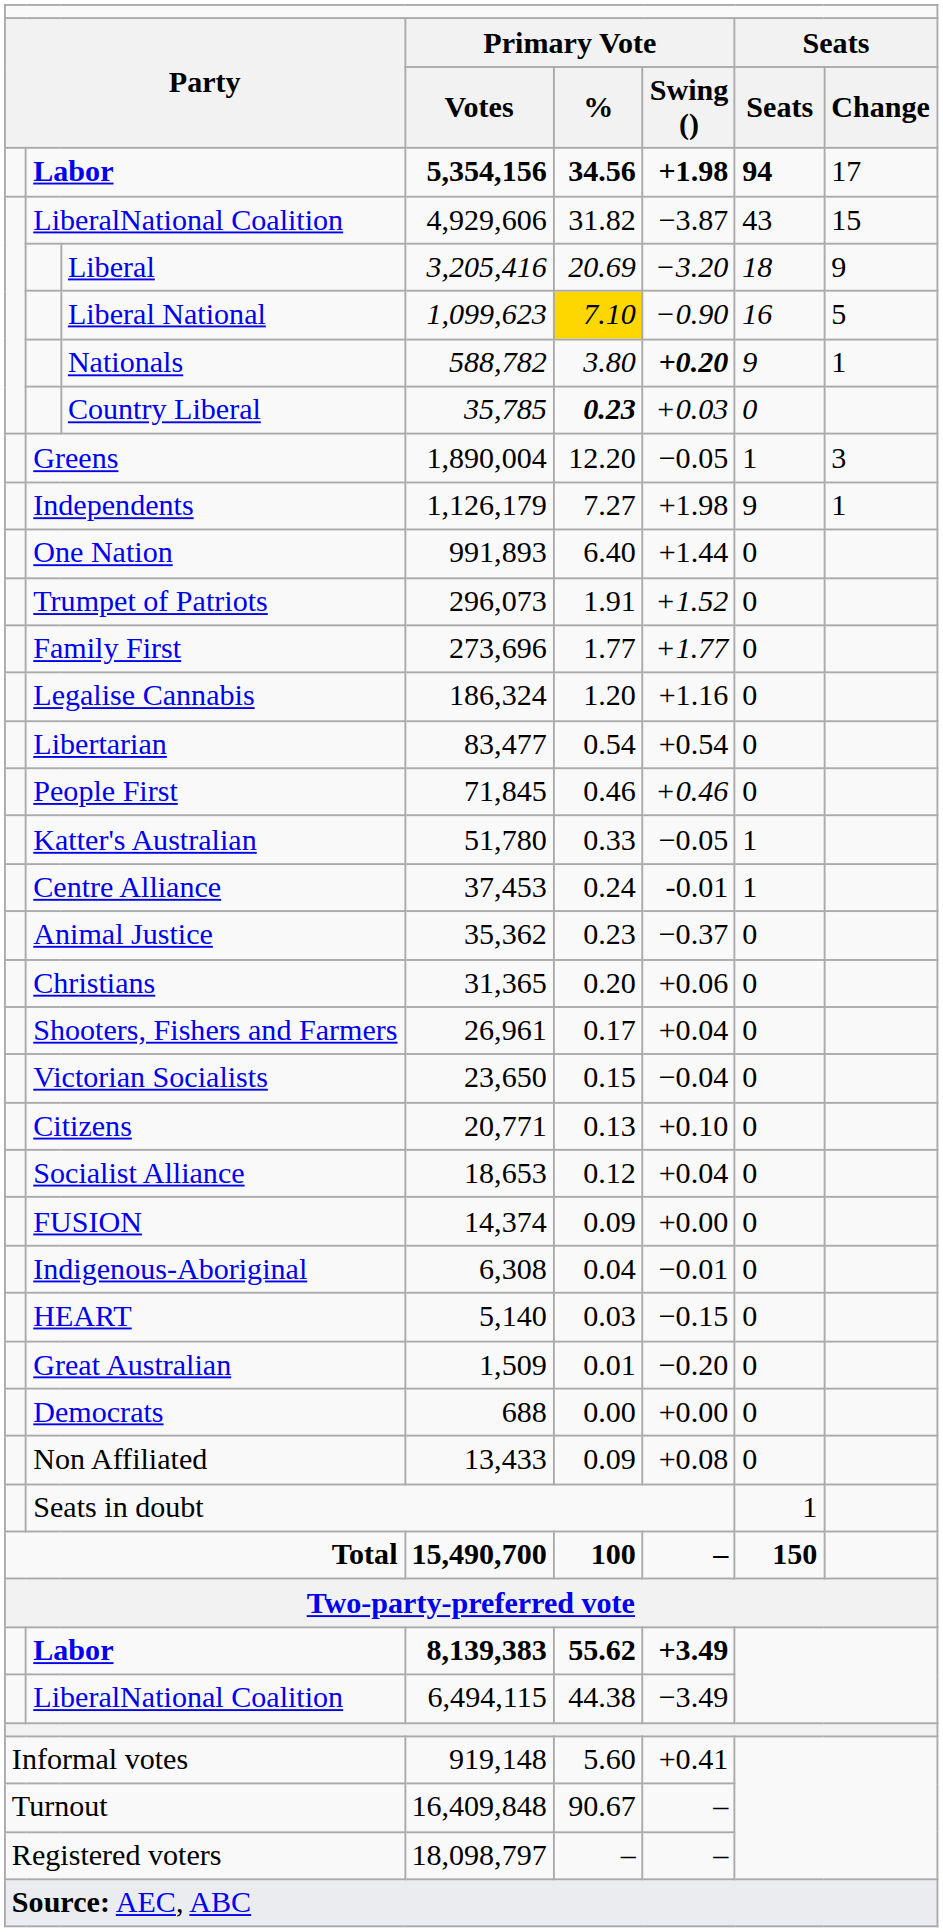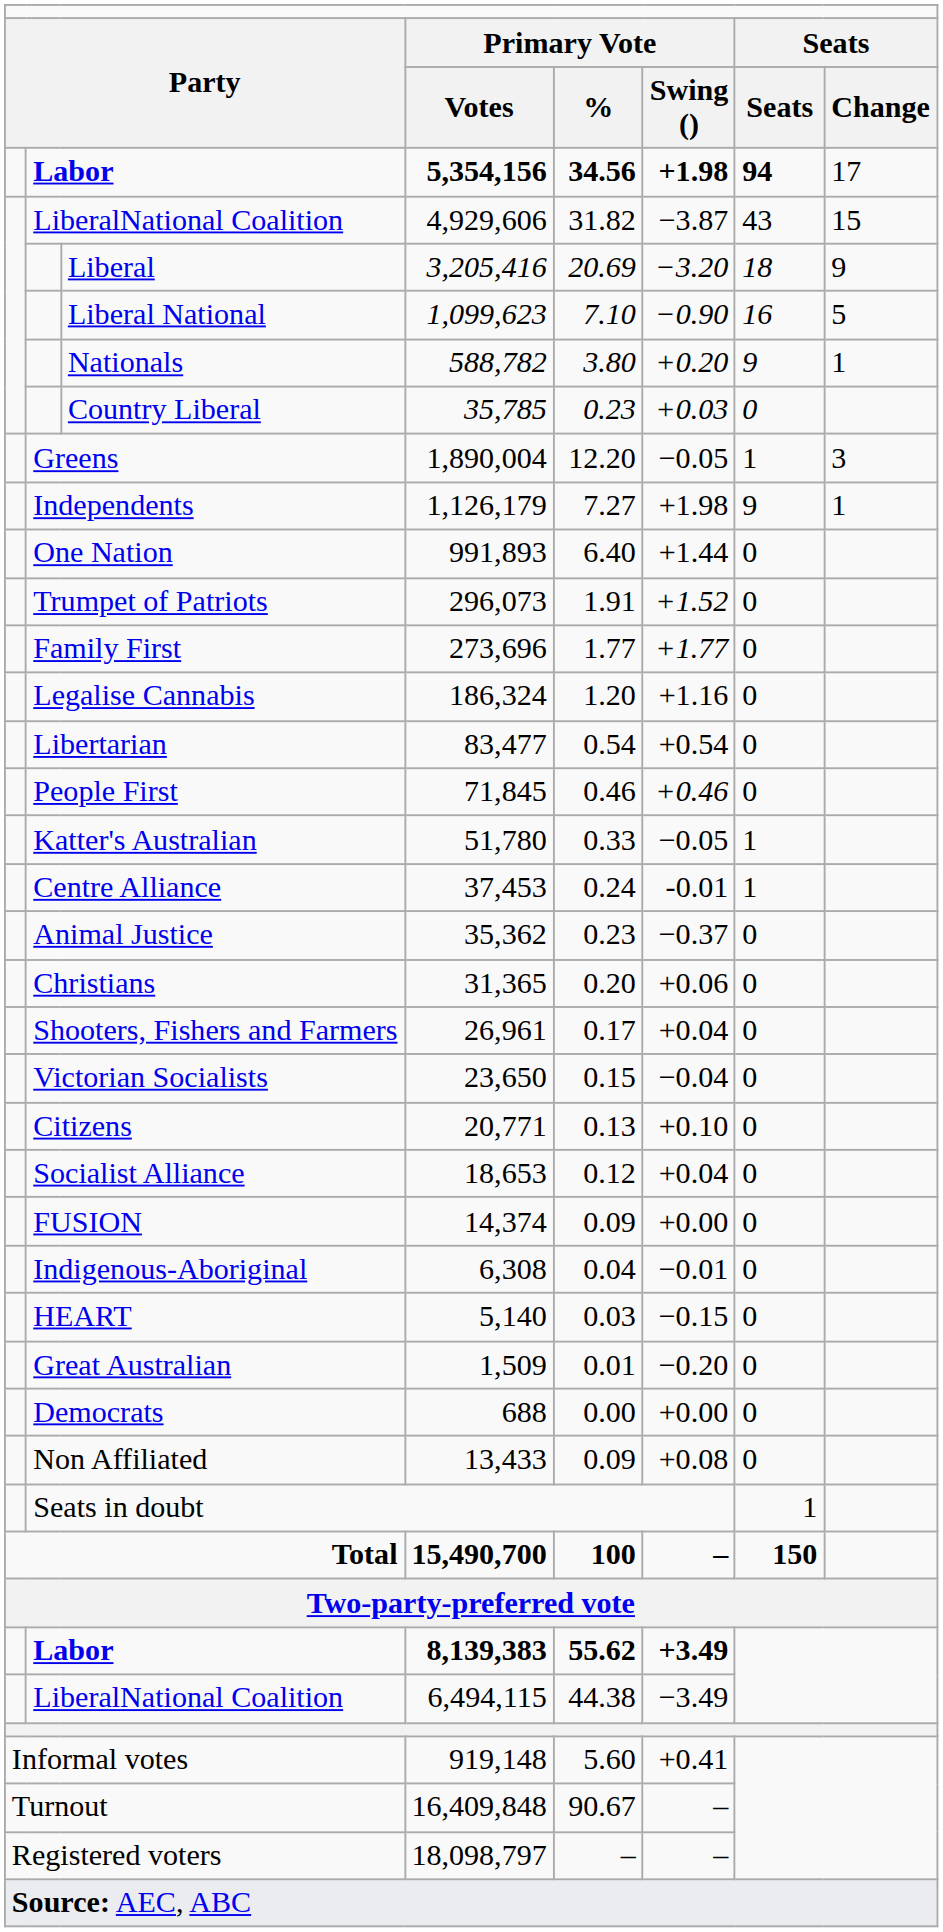 <table class="wikitable sortable mw-datatable" style="text-align:right; margin-bottom:0">
 <tr>
 <td colspan="8" align="center"></td>
 </tr>
 <tr>
 <th colspan="3" rowspan="2" style="width:200px">Party</th>
 <th colspan="3">Primary Vote</th>
 <th colspan="2">Seats</th>
 </tr>
 <tr>
 <th style="width:70px;">Votes</th>
 <th style="width:40px;">%</th>
 <th style="width:40px;">Swing ()</th>
 <th style="width:40px;">Seats</th>
 <th style="width:40px;">Change</th>
 </tr>
 <tr>
 <td> </td>
 <td colspan="2" style="text-align:left;"><strong><a href='#'>Labor</a></strong></td>
 <td><strong>5,354,156</strong></td>
 <td><strong>34.56</strong></td>
 <td><strong>+1.98</strong></td>
 <td align="left"><strong>94</strong></td>
 <td align="left"><strong></strong> 17</td>
 </tr>
 <tr>
 <td rowspan="5" ></td>
 <td colspan="2" align=left><a href='#'>LiberalNational Coalition</a></td>
 <td>4,929,606</td>
 <td>31.82</td>
 <td>−3.87</td>
 <td align=left>43</td>
 <td align=left> 15</td>
 </tr>
 <tr>
 <td> </td>
 <td align="left"><a href='#'>Liberal</a></td>
 <td><em>3,205,416</em></td>
 <td><em>20.69</em></td>
 <td><em>−3.20</em></td>
 <td align="left"><em>18</em></td>
 <td align="left"> 9</td>
 </tr>
 <tr>
 <td> </td>
 <td align="left"><a href='#'>Liberal National</a> </td>
 <td><em>1,099,623</em></td>
-<td style="background: gold;"><em>7.10</em></td>
+<td><em>7.10</em></td>
 <td><em>−0.90</em></td>
 <td align="left"><em>16</em></td>
 <td align="left"> 5</td>
 </tr>
 <tr>
 <td> </td>
 <td align="left"><a href='#'>Nationals</a></td>
 <td><em>588,782</em></td>
 <td><em>3.80</em></td>
-<td><strong><em>+0.20</em></strong></td>
+<td><em>+0.20</em></td>
 <td align="left"><em>9</em></td>
 <td align="left"> 1</td>
 </tr>
 <tr>
 <td> </td>
 <td align="left"><a href='#'>Country Liberal</a> </td>
 <td><em>35,785</em></td>
-<td><strong><em>0.23</em></strong></td>
+<td><em>0.23</em></td>
 <td><em>+0.03</em></td>
 <td align="left"><em>0</em></td>
 <td align="left"></td>
 </tr>
 <tr>
 <td> </td>
 <td colspan="2" style="text-align:left;"><a href='#'>Greens</a></td>
 <td>1,890,004</td>
 <td>12.20</td>
 <td>−0.05</td>
 <td align="left">1</td>
 <td align="left"> 3</td>
 </tr>
 <tr>
 <td> </td>
 <td colspan="2" style="text-align:left;"><a href='#'>Independents</a></td>
 <td>1,126,179</td>
 <td>7.27</td>
 <td>+1.98</td>
 <td align="left">9</td>
 <td align="left"> 1</td>
 </tr>
 <tr>
 <td> </td>
 <td colspan="2" style="text-align:left;"><a href='#'>One Nation</a></td>
 <td>991,893</td>
 <td>6.40</td>
 <td>+1.44</td>
 <td align="left">0</td>
 <td align="left"></td>
 </tr>
 <tr>
 <td> </td>
 <td colspan="2" style="text-align:left;"><a href='#'>Trumpet of Patriots</a></td>
 <td>296,073</td>
 <td>1.91</td>
 <td><em>+1.52</em></td>
 <td align="left">0</td>
 <td align="left"></td>
 </tr>
 <tr>
 <td> </td>
 <td colspan="2" style="text-align:left;"><a href='#'>Family First</a></td>
 <td>273,696</td>
 <td>1.77</td>
 <td><em>+1.77</em></td>
 <td align="left">0</td>
 <td align="left"></td>
 </tr>
 <tr>
 <td> </td>
 <td colspan="2" style="text-align:left;"><a href='#'>Legalise Cannabis</a></td>
 <td>186,324</td>
 <td>1.20</td>
 <td>+1.16</td>
 <td align="left">0</td>
 <td align="left"></td>
 </tr>
 <tr>
 <td> </td>
 <td colspan="2" style="text-align:left;"><a href='#'>Libertarian</a></td>
 <td>83,477</td>
 <td>0.54</td>
 <td>+0.54</td>
 <td align="left">0</td>
 <td align="left"></td>
 </tr>
 <tr>
 <td> </td>
 <td colspan="2" style="text-align:left;"><a href='#'>People First</a></td>
 <td>71,845</td>
 <td>0.46</td>
 <td><em>+0.46</em></td>
 <td align="left">0</td>
 <td align="left"></td>
 </tr>
 <tr>
 <td> </td>
 <td colspan="2" style="text-align:left;"><a href='#'>Katter's Australian</a></td>
 <td>51,780</td>
 <td>0.33</td>
 <td>−0.05</td>
 <td align="left">1</td>
 <td align="left"></td>
 </tr>
 <tr>
 <td> </td>
 <td colspan="2" style="text-align:left;"><a href='#'>Centre Alliance</a></td>
 <td>37,453</td>
 <td>0.24</td>
 <td>-0.01</td>
 <td align="left">1</td>
 <td align="left"></td>
 </tr>
 <tr>
 <td> </td>
 <td colspan="2" style="text-align:left;"><a href='#'>Animal Justice</a></td>
 <td>35,362</td>
 <td>0.23</td>
 <td>−0.37</td>
 <td align="left">0</td>
 <td align="left"></td>
 </tr>
 <tr>
 <td> </td>
 <td colspan="2" style="text-align:left;"><a href='#'>Christians</a></td>
 <td>31,365</td>
 <td>0.20</td>
 <td>+0.06</td>
 <td align="left">0</td>
 <td align="left"></td>
 </tr>
 <tr>
 <td> </td>
 <td colspan="2" style="text-align:left;"><a href='#'>Shooters, Fishers and Farmers</a></td>
 <td>26,961</td>
 <td>0.17</td>
 <td>+0.04</td>
 <td align="left">0</td>
 <td align="left"></td>
 </tr>
 <tr>
 <td> </td>
 <td colspan="2" style="text-align:left;"><a href='#'>Victorian Socialists</a></td>
 <td>23,650</td>
 <td>0.15</td>
 <td>−0.04</td>
 <td align="left">0</td>
 <td align="left"></td>
 </tr>
 <tr>
 <td> </td>
 <td colspan="2" style="text-align:left;"><a href='#'>Citizens</a></td>
 <td>20,771</td>
 <td>0.13</td>
 <td>+0.10</td>
 <td align="left">0</td>
 <td align="left"></td>
 </tr>
 <tr>
 <td> </td>
 <td colspan="2" style="text-align:left;"><a href='#'>Socialist Alliance</a></td>
 <td>18,653</td>
 <td>0.12</td>
 <td>+0.04</td>
 <td align="left">0</td>
 <td align="left"></td>
 </tr>
 <tr>
 <td> </td>
 <td colspan="2" style="text-align:left;"><a href='#'>FUSION</a></td>
 <td>14,374</td>
 <td>0.09</td>
 <td>+0.00</td>
 <td align="left">0</td>
 <td align="left"></td>
 </tr>
 <tr>
 <td> </td>
 <td colspan="2" style="text-align:left;"><a href='#'>Indigenous-Aboriginal</a></td>
 <td>6,308</td>
 <td>0.04</td>
 <td>−0.01</td>
 <td align="left">0</td>
 <td align="left"></td>
 </tr>
 <tr>
 <td> </td>
 <td colspan="2" style="text-align:left;"><a href='#'>HEART</a></td>
 <td>5,140</td>
 <td>0.03</td>
 <td>−0.15</td>
 <td align="left">0</td>
 <td align="left"></td>
 </tr>
 <tr>
 <td> </td>
 <td colspan="2" style="text-align:left;"><a href='#'>Great Australian</a></td>
 <td>1,509</td>
 <td>0.01</td>
 <td>−0.20</td>
 <td align="left">0</td>
 <td align="left"></td>
 </tr>
 <tr>
 <td> </td>
 <td colspan="2" style="text-align:left;"><a href='#'>Democrats</a></td>
 <td>688</td>
 <td>0.00</td>
 <td>+0.00</td>
 <td align="left">0</td>
 <td align="left"></td>
 </tr>
 <tr>
 <td> </td>
 <td colspan="2" style="text-align:left;">Non Affiliated</td>
 <td>13,433</td>
 <td>0.09</td>
 <td>+0.08</td>
 <td align="left">0</td>
 <td align="left"></td>
 </tr>
 <tr>
 <td></td>
 <td colspan="5" style="text-align:left;">Seats in doubt</td>
 <td>1</td>
 <td></td>
 </tr>
 <tr>
 <td colspan="3" align="right"><strong>Total</strong></td>
 <td><strong>15,490,700</strong></td>
 <td><strong>100</strong></td>
 <td><strong>–</strong></td>
 <td><strong>150</strong></td>
 <td></td>
 </tr>
 <tr>
 <th colspan="8"><a href='#'>Two-party-preferred vote</a></th>
 </tr>
 <tr>
 <td></td>
 <td colspan="2" style="text-align:left;"><strong><a href='#'>Labor</a></strong></td>
 <td><strong>8,139,383</strong></td>
 <td><strong>55.62</strong></td>
 <td><strong>+3.49</strong></td>
 </tr>
 <tr>
 <td></td>
 <td colspan="2" style="text-align:left;"><a href='#'>LiberalNational Coalition</a></td>
 <td>6,494,115</td>
 <td>44.38</td>
 <td>−3.49</td>
 </tr>
 <tr>
 <th colspan="8"></th>
 </tr>
 <tr>
 <td colspan="3" style="text-align:left;">Informal votes</td>
 <td>919,148</td>
 <td>5.60</td>
 <td>+0.41</td>
 </tr>
 <tr>
 <td colspan="3" style="text-align:left;">Turnout</td>
 <td>16,409,848</td>
 <td>90.67</td>
 <td>–</td>
 </tr>
 <tr>
 <td colspan="3" style="text-align:left;">Registered voters</td>
 <td>18,098,797</td>
 <td>–</td>
 <td>–</td>
 </tr>
 <tr>
 <td colspan="8" style="text-align:left; background-color:#eaecf0"><strong>Source:</strong> <a href='#'>AEC</a>, <a href='#'>ABC</a></td>
 </tr>
 </table>
